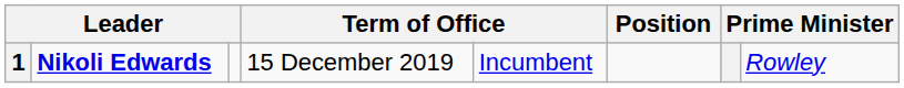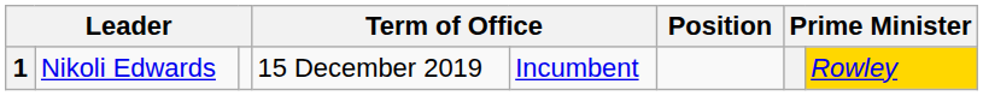 <table class="wikitable">
 <tr>
 <th colspan="3">Leader</th>
 <th colspan="2">Term of Office</th>
 <th>Position</th>
 <th colspan="2" width="20%">Prime Minister</th>
 </tr>
 <tr>
 <th style="background-color: ">1</th>
-<td><strong><a href='#'>Nikoli Edwards</a></strong></td>
+<td><a href='#'>Nikoli Edwards</a></td>
 <td></td>
 <td>15 December 2019</td>
 <td><a href='#'>Incumbent</a></td>
 <td></td>
 <th style="background-color: "></th>
-<td><a href='#'><em>Rowley</em></a></td>
+<td style="background: gold;"><a href='#'><em>Rowley</em></a></td>
 </tr>
 </table>
